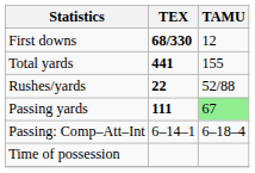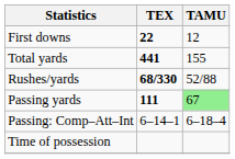 <table class="wikitable" style="float: left;">
 <tr>
 <th>Statistics</th>
 <th>TEX</th>
 <th>TAMU</th>
 </tr>
 <tr>
 <td>First downs</td>
-<td><strong>68/330</strong></td>
+<td><strong>22</strong></td>
 <td>12</td>
 </tr>
 <tr>
 <td>Total yards</td>
 <td><strong>441</strong></td>
 <td>155</td>
 </tr>
 <tr>
 <td>Rushes/yards</td>
-<td><strong>22</strong></td>
+<td><strong>68/330</strong></td>
 <td>52/88</td>
 </tr>
 <tr>
 <td>Passing yards</td>
 <td><strong>111</strong></td>
 <td style="background: lightgreen;">67</td>
 </tr>
 <tr>
 <td>Passing: Comp–Att–Int</td>
 <td>6–14–1</td>
 <td>6–18–4</td>
 </tr>
 <tr>
 <td>Time of possession</td>
 <td></td>
 <td></td>
 </tr>
 <tr>
 </tr>
 </table>
